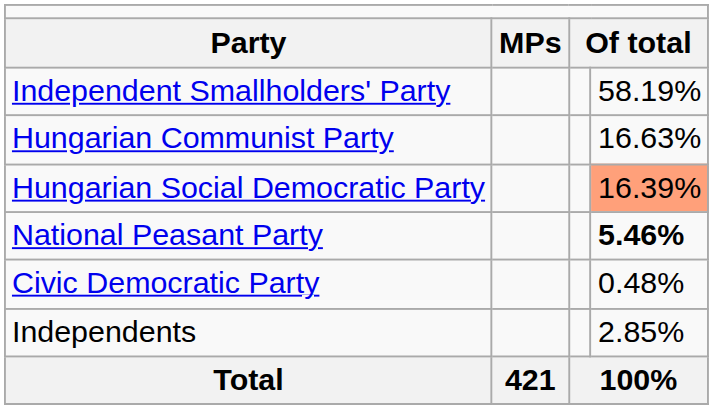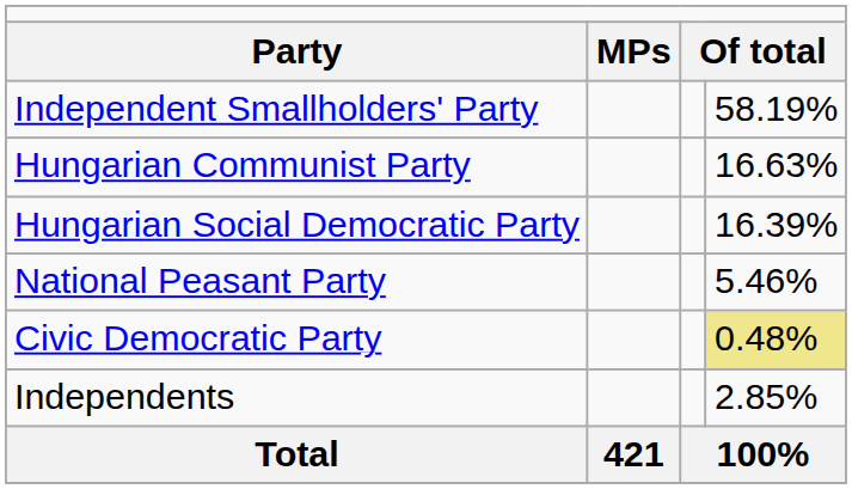 <table class=wikitable>
 <tr>
 <td colspan=9></td>
 </tr>
 <tr>
 <th>Party</th>
 <th>MPs</th>
 <th colspan=2>Of total</th>
 </tr>
 <tr>
 <td><a href='#'>Independent Smallholders' Party</a></td>
 <td></td>
 <td><div><div>  </div></div></td>
 <td>58.19%</td>
 </tr>
 <tr>
 <td><a href='#'>Hungarian Communist Party</a></td>
 <td></td>
 <td><div><div>  </div></div></td>
 <td>16.63%</td>
 </tr>
 <tr>
 <td><a href='#'>Hungarian Social Democratic Party</a></td>
 <td></td>
 <td><div><div>  </div></div></td>
-<td style="background: lightsalmon;">16.39%</td>
+<td>16.39%</td>
 </tr>
 <tr>
 <td><a href='#'>National Peasant Party</a></td>
 <td></td>
 <td><div><div>  </div></div></td>
-<td><strong>5.46%</strong></td>
+<td>5.46%</td>
 </tr>
 <tr>
 <td><a href='#'>Civic Democratic Party</a></td>
 <td></td>
 <td><div><div>  </div></div></td>
-<td>0.48%</td>
+<td style="background: khaki;">0.48%</td>
 </tr>
 <tr>
 <td>Independents</td>
 <td></td>
 <td><div><div>  </div></div></td>
 <td>2.85%</td>
 </tr>
 <tr>
 <th colspan="1"><strong>Total</strong></th>
 <th colspan="1"><strong>421</strong></th>
 <th colspan="2"><strong>100%</strong></th>
 </tr>
 <tr>
 </tr>
 </table>
